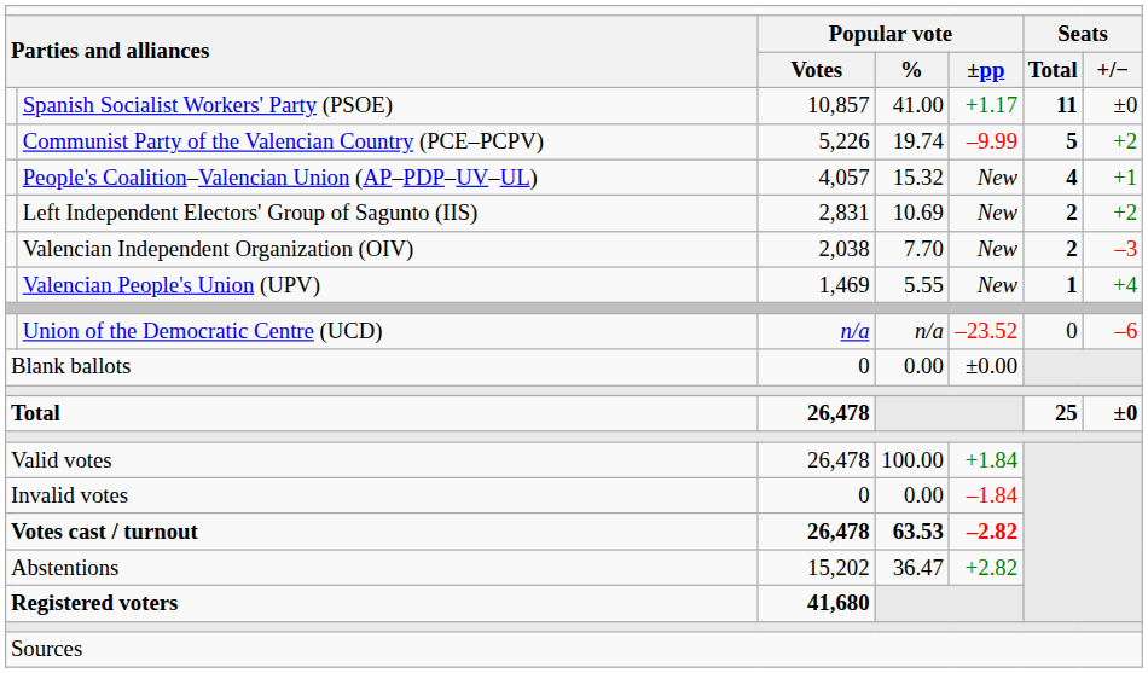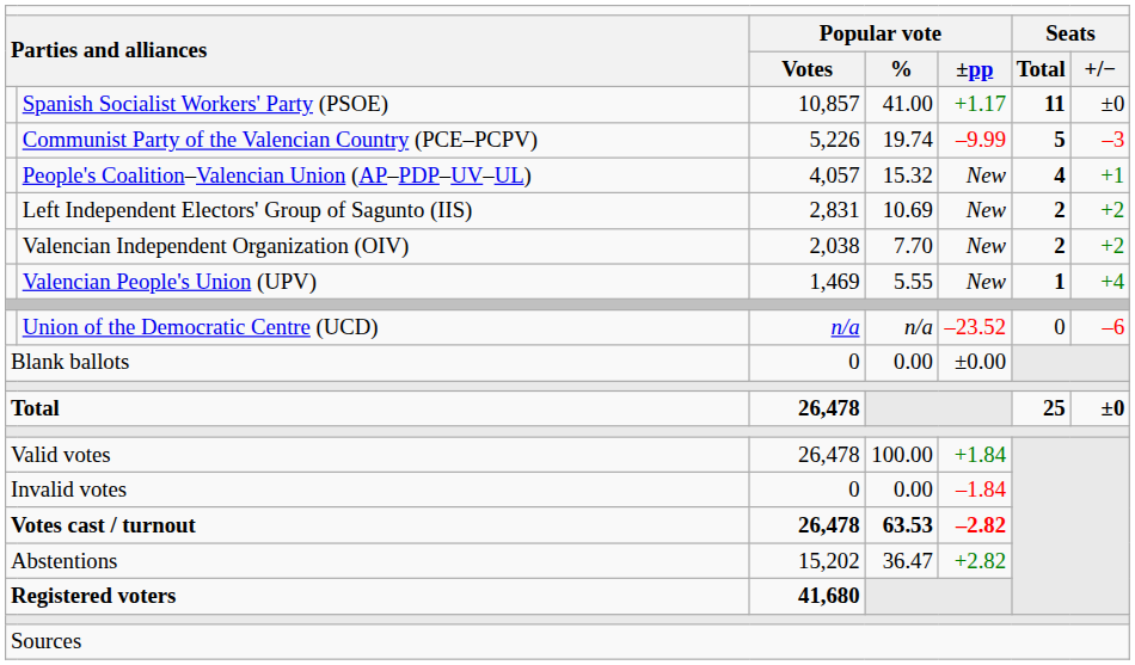 <table class="wikitable" style="text-align:right;">
 <tr>
 <td colspan="7"></td>
 </tr>
 <tr>
 <th style="text-align:left;" rowspan="2" colspan="2" width="525">Parties and alliances</th>
 <th colspan="3">Popular vote</th>
 <th colspan="2">Seats</th>
 </tr>
 <tr>
 <th width="75">Votes</th>
 <th width="45">%</th>
 <th width="45">±<a href='#'>pp</a></th>
 <th width="35">Total</th>
 <th width="35">+/−</th>
 </tr>
 <tr>
 <td width="1" style="color:inherit;background:"></td>
 <td align="left"><a href='#'>Spanish Socialist Workers' Party</a> (PSOE)</td>
 <td>10,857</td>
 <td>41.00</td>
 <td style="color:green;">+1.17</td>
 <td><strong>11</strong></td>
 <td>±0</td>
 </tr>
 <tr>
 <td style="color:inherit;background:"></td>
 <td align="left"><a href='#'>Communist Party of the Valencian Country</a> (PCE–PCPV)</td>
 <td>5,226</td>
 <td>19.74</td>
 <td style="color:red;">–9.99</td>
 <td><strong>5</strong></td>
-<td style="color:green;">+2</td>
+<td style="color:red;">–3</td>
 </tr>
 <tr>
 <td style="color:inherit;background:"></td>
 <td align="left"><a href='#'>People's Coalition</a>–<a href='#'>Valencian Union</a> (<a href='#'>AP</a>–<a href='#'>PDP</a>–<a href='#'>UV</a>–<a href='#'>UL</a>)</td>
 <td>4,057</td>
 <td>15.32</td>
 <td><em>New</em></td>
 <td><strong>4</strong></td>
 <td style="color:green;">+1</td>
 </tr>
 <tr>
 <td style="color:inherit;background:"></td>
 <td align="left">Left Independent Electors' Group of Sagunto (IIS)</td>
 <td>2,831</td>
 <td>10.69</td>
 <td><em>New</em></td>
 <td><strong>2</strong></td>
 <td style="color:green;">+2</td>
 </tr>
 <tr>
 <td style="color:inherit;background:"></td>
 <td align="left">Valencian Independent Organization (OIV)</td>
 <td>2,038</td>
 <td>7.70</td>
 <td><em>New</em></td>
 <td><strong>2</strong></td>
-<td style="color:red;">–3</td>
+<td style="color:green;">+2</td>
 </tr>
 <tr>
 <td style="color:inherit;background:"></td>
 <td align="left"><a href='#'>Valencian People's Union</a> (UPV)</td>
 <td>1,469</td>
 <td>5.55</td>
 <td><em>New</em></td>
 <td><strong>1</strong></td>
 <td style="color:green;">+4</td>
 </tr>
 <tr>
 <td colspan="7" bgcolor="#C0C0C0"></td>
 </tr>
 <tr>
 <td style="color:inherit;background:"></td>
 <td align="left"><a href='#'>Union of the Democratic Centre</a> (UCD)</td>
 <td><em><a href='#'>n/a</a></em></td>
 <td><em>n/a</em></td>
 <td style="color:red;">–23.52</td>
 <td>0</td>
 <td style="color:red;">–6</td>
 </tr>
 <tr>
 <td align="left" colspan="2">Blank ballots</td>
 <td>0</td>
 <td>0.00</td>
 <td>±0.00</td>
 <td bgcolor="#E9E9E9" colspan="2"></td>
 </tr>
 <tr>
 <td colspan="7" bgcolor="#E9E9E9"></td>
 </tr>
 <tr style="font-weight:bold;">
 <td align="left" colspan="2">Total</td>
 <td>26,478</td>
 <td bgcolor="#E9E9E9" colspan="2"></td>
 <td>25</td>
 <td>±0</td>
 </tr>
 <tr>
 <td colspan="7" bgcolor="#E9E9E9"></td>
 </tr>
 <tr>
 <td align="left" colspan="2">Valid votes</td>
 <td>26,478</td>
 <td>100.00</td>
 <td style="color:green;">+1.84</td>
 <td bgcolor="#E9E9E9" colspan="2" rowspan="5"></td>
 </tr>
 <tr>
 <td align="left" colspan="2">Invalid votes</td>
 <td>0</td>
 <td>0.00</td>
 <td style="color:red;">–1.84</td>
 </tr>
 <tr style="font-weight:bold;">
 <td align="left" colspan="2">Votes cast / turnout</td>
 <td>26,478</td>
 <td>63.53</td>
 <td style="color:red;">–2.82</td>
 </tr>
 <tr>
 <td align="left" colspan="2">Abstentions</td>
 <td>15,202</td>
 <td>36.47</td>
 <td style="color:green;">+2.82</td>
 </tr>
 <tr style="font-weight:bold;">
 <td align="left" colspan="2">Registered voters</td>
 <td>41,680</td>
 <td bgcolor="#E9E9E9" colspan="2"></td>
 </tr>
 <tr>
 <td colspan="7" bgcolor="#E9E9E9"></td>
 </tr>
 <tr>
 <td align="left" colspan="7">Sources</td>
 </tr>
 </table>
